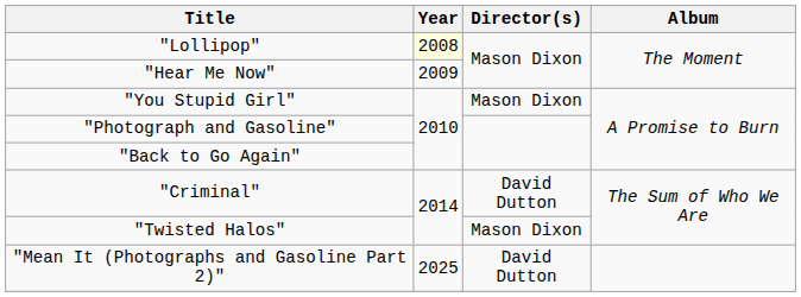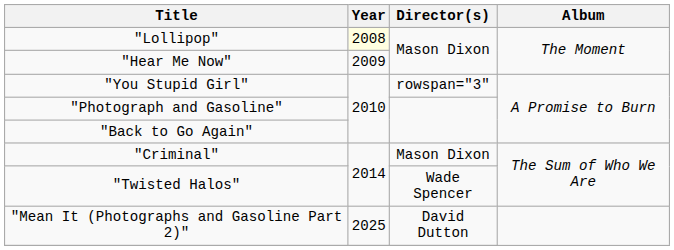 <table class="wikitable" style="text-align:center;">
 <tr>
 <th>Title</th>
 <th>Year</th>
 <th>Director(s)</th>
 <th>Album</th>
 </tr>
 <tr>
 <td>"Lollipop"</td>
 <td style="background: lightyellow;">2008</td>
 <td rowspan="2">Mason Dixon</td>
 <td rowspan="2"><em>The Moment</em></td>
 </tr>
 <tr>
 <td>"Hear Me Now"</td>
 <td>2009</td>
 </tr>
 <tr>
 <td>"You Stupid Girl"</td>
 <td rowspan="3">2010</td>
-<td>Mason Dixon</td>
+<td>rowspan="3" </td>
 <td rowspan="3"><em>A Promise to Burn</em></td>
 </tr>
 <tr>
 <td>"Photograph and Gasoline"</td>
 </tr>
 <tr>
 <td>"Back to Go Again"</td>
 </tr>
 <tr>
 <td>"Criminal"</td>
 <td rowspan="2">2014</td>
-<td>David Dutton</td>
+<td>Mason Dixon</td>
 <td rowspan="2"><em>The Sum of Who We Are</em></td>
 </tr>
 <tr>
 <td>"Twisted Halos"</td>
-<td>Mason Dixon</td>
+<td>Wade Spencer</td>
 </tr>
 <tr>
 <td>"Mean It (Photographs and Gasoline Part 2)"</td>
 <td>2025</td>
 <td>David Dutton</td>
 </tr>
 <tr>
 </tr>
 </table>
